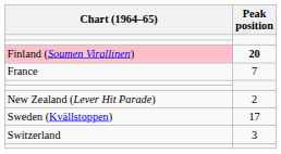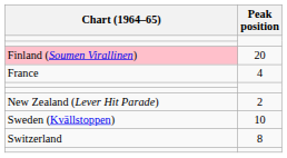 <table class="wikitable sortable">
 <tr>
 <th style="width:20em;">Chart (1964–65)</th>
 <th>Peak<br>position</th>
 </tr>
 <tr>
 <td></td>
 </tr>
 <tr>
 <td></td>
 </tr>
 <tr>
 <td style="background: pink;">Finland (<a href='#'><em>Soumen Virallinen</em></a>)</td>
-<td style="text-align:center;"><strong>20</strong></td>
+<td style="text-align:center;">20</td>
 </tr>
 <tr>
 <td>France</td>
-<td style="text-align:center;">7</td>
+<td style="text-align:center;">4</td>
 </tr>
 <tr>
 <td></td>
 </tr>
 <tr>
 <td></td>
 </tr>
 <tr>
 <td>New Zealand (<em>Lever Hit Parade</em>)</td>
 <td style="text-align:center;">2</td>
 </tr>
 <tr>
 <td>Sweden (<a href='#'>Kvällstoppen</a>)</td>
-<td style="text-align:center;">17</td>
+<td style="text-align:center;">10</td>
 </tr>
 <tr>
 <td>Switzerland</td>
-<td style="text-align:center;">3</td>
+<td style="text-align:center;">8</td>
 </tr>
 <tr>
 <td></td>
 </tr>
 </table>
